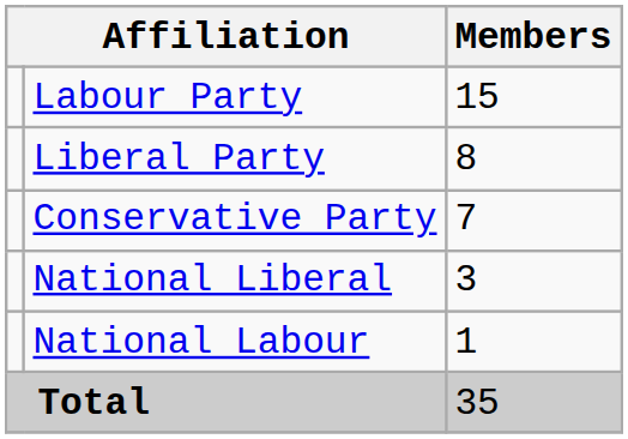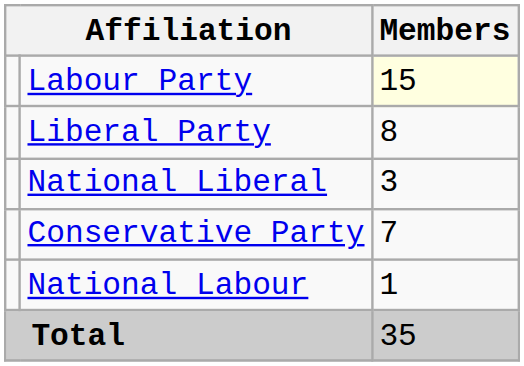 <table class="wikitable">
 <tr>
 <th colspan="2">Affiliation</th>
 <th>Members</th>
 </tr>
 <tr>
 <td style="color:inherit;background:"></td>
 <td><a href='#'>Labour Party</a></td>
-<td>15</td>
+<td style="background: lightyellow;">15</td>
 </tr>
 <tr>
 <td style="color:inherit;background:"></td>
 <td><a href='#'>Liberal Party</a></td>
 <td>8</td>
 </tr>
 <tr>
+<td style="color:inherit;background-color: "></td>
+<td><a href='#'>National Liberal</a></td>
+<td>3</td>
+</tr>
+<tr>
 <td style="color:inherit;background:"></td>
 <td><a href='#'>Conservative Party</a></td>
 <td>7</td>
-</tr>
-<tr>
-<td style="color:inherit;background-color: "></td>
-<td><a href='#'>National Liberal</a></td>
-<td>3</td>
 </tr>
 <tr>
 <td style="color:inherit;background-color: "></td>
 <td><a href='#'>National Labour</a></td>
 <td>1</td>
 </tr>
 <tr style="background:#ccc;">
 <td colspan="2"> <strong>Total</strong></td>
 <td>35</td>
 </tr>
 </table>
